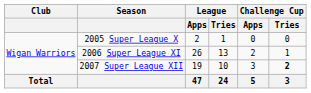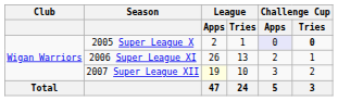 <table class="wikitable" border="1" style="font-size:83%; text-align: center;">
 <tr>
 <th rowspan="1">Club</th>
 <th rowspan="1">Season</th>
 <th colspan="2">League</th>
 <th colspan="2">Challenge Cup</th>
 </tr>
 <tr>
 <th></th>
 <th></th>
 <th>Apps</th>
 <th>Tries</th>
 <th>Apps</th>
 <th>Tries</th>
 </tr>
 <tr>
 <td rowspan="3"><a href='#'>Wigan Warriors</a></td>
 <td>2005 <a href='#'>Super League X</a></td>
 <td>2</td>
 <td>1</td>
-<td>0</td>
-<td>0</td>
+<td style="background: lavender;">0</td>
+<td><strong>0</strong></td>
 </tr>
 <tr>
 <td>2006 <a href='#'>Super League XI</a></td>
 <td>26</td>
 <td>13</td>
 <td>2</td>
 <td>1</td>
 </tr>
 <tr>
 <td>2007 <a href='#'>Super League XII</a></td>
-<td>19</td>
+<td style="background: lightyellow;">19</td>
 <td>10</td>
 <td>3</td>
-<td><strong>2</strong></td>
+<td>2</td>
 </tr>
 <tr>
 <th>Total</th>
 <th></th>
 <th>47</th>
 <th>24</th>
 <th>5</th>
 <th>3</th>
 </tr>
 </table>
